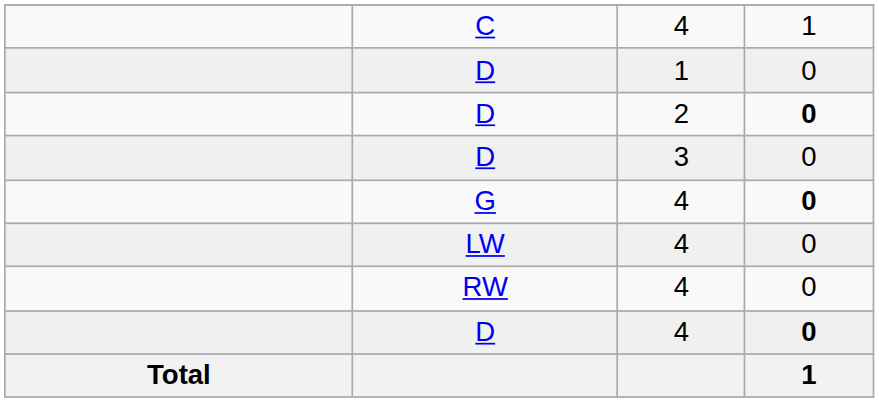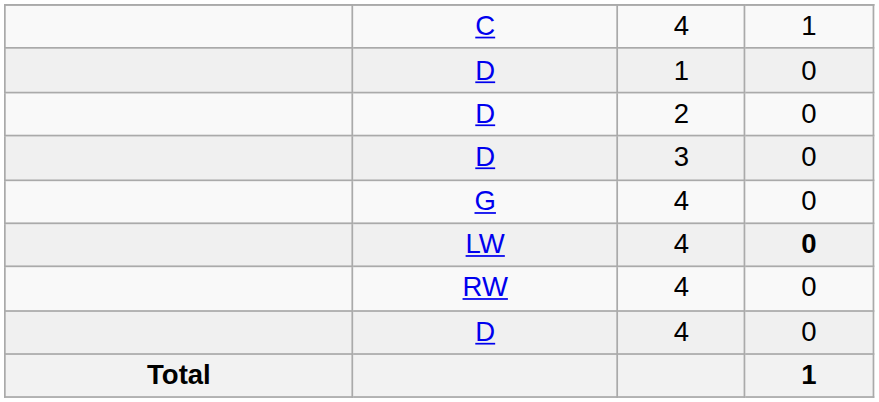 <table class="wikitable sortable" width ="40%">
 <tr align="center">
 </tr>
 <tr align="center" bgcolor="">
 <td></td>
 <td><a href='#'>C</a></td>
 <td>4</td>
 <td>1</td>
 </tr>
 <tr align="center" bgcolor="f0f0f0">
 <td></td>
 <td><a href='#'>D</a></td>
 <td>1</td>
 <td>0</td>
 </tr>
 <tr align="center" bgcolor="">
 <td></td>
 <td><a href='#'>D</a></td>
 <td>2</td>
-<td><strong>0</strong></td>
+<td>0</td>
 </tr>
 <tr align="center" bgcolor="f0f0f0">
 <td></td>
 <td><a href='#'>D</a></td>
 <td>3</td>
 <td>0</td>
 </tr>
 <tr align="center" bgcolor="">
 <td></td>
 <td><a href='#'>G</a></td>
 <td>4</td>
-<td><strong>0</strong></td>
+<td>0</td>
 </tr>
 <tr align="center" bgcolor="f0f0f0">
 <td></td>
 <td><a href='#'>LW</a></td>
 <td>4</td>
-<td>0</td>
+<td><strong>0</strong></td>
 </tr>
 <tr align="center" bgcolor="">
 <td></td>
 <td><a href='#'>RW</a></td>
 <td>4</td>
 <td>0</td>
 </tr>
 <tr align="center" bgcolor="f0f0f0">
 <td></td>
 <td><a href='#'>D</a></td>
 <td>4</td>
-<td><strong>0</strong></td>
+<td>0</td>
 </tr>
 <tr>
 <th>Total</th>
 <th></th>
 <th></th>
 <th>1</th>
 </tr>
 </table>
